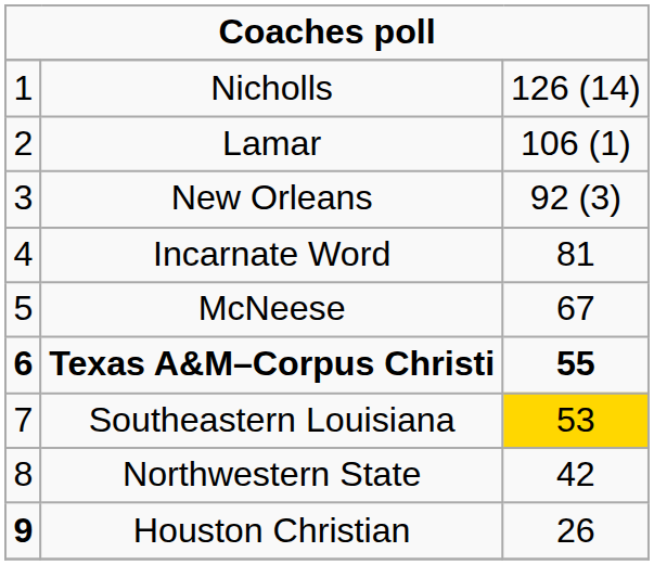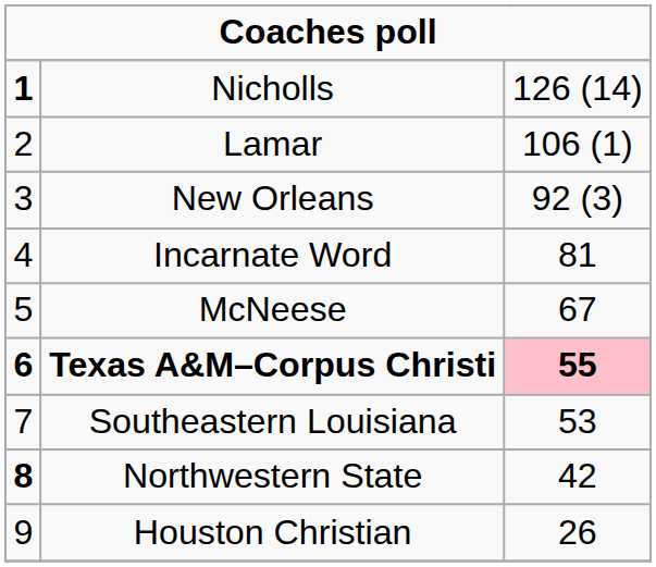 <table class="wikitable">
 <tr align="center">
 <td align="center" Colspan="3"><strong>Coaches poll</strong></td>
 </tr>
 <tr align="center">
 </tr>
 <tr align="center">
-<td>1</td>
+<td><strong>1</strong></td>
 <td>Nicholls</td>
 <td>126 (14)</td>
 </tr>
 <tr align="center">
 <td>2</td>
 <td>Lamar</td>
 <td>106 (1)</td>
 </tr>
 <tr align="center">
 <td>3</td>
 <td>New Orleans</td>
 <td>92 (3)</td>
 </tr>
 <tr align="center">
 <td>4</td>
 <td>Incarnate Word</td>
 <td>81</td>
 </tr>
 <tr align="center">
 <td>5</td>
 <td>McNeese</td>
 <td>67</td>
 </tr>
 <tr align="center">
 <td><strong>6</strong></td>
 <td><strong>Texas A&M–Corpus Christi</strong></td>
-<td><strong>55</strong></td>
+<td style="background: pink;"><strong>55</strong></td>
 </tr>
 <tr align="center">
 <td>7</td>
 <td>Southeastern Louisiana</td>
-<td style="background: gold;">53</td>
+<td>53</td>
 </tr>
 <tr align="center">
-<td>8</td>
+<td><strong>8</strong></td>
 <td>Northwestern State</td>
 <td>42</td>
 </tr>
 <tr align="center">
-<td><strong>9</strong></td>
+<td>9</td>
 <td>Houston Christian</td>
 <td>26</td>
 </tr>
 <tr align="center">
 </tr>
 </table>
